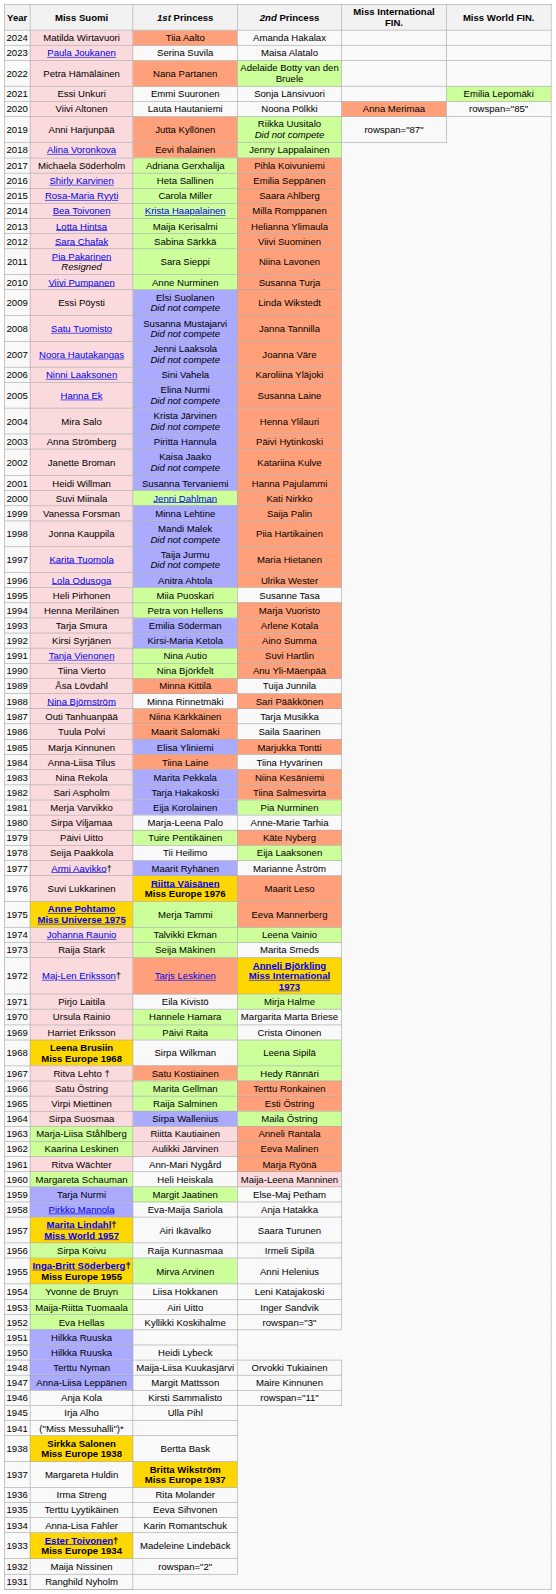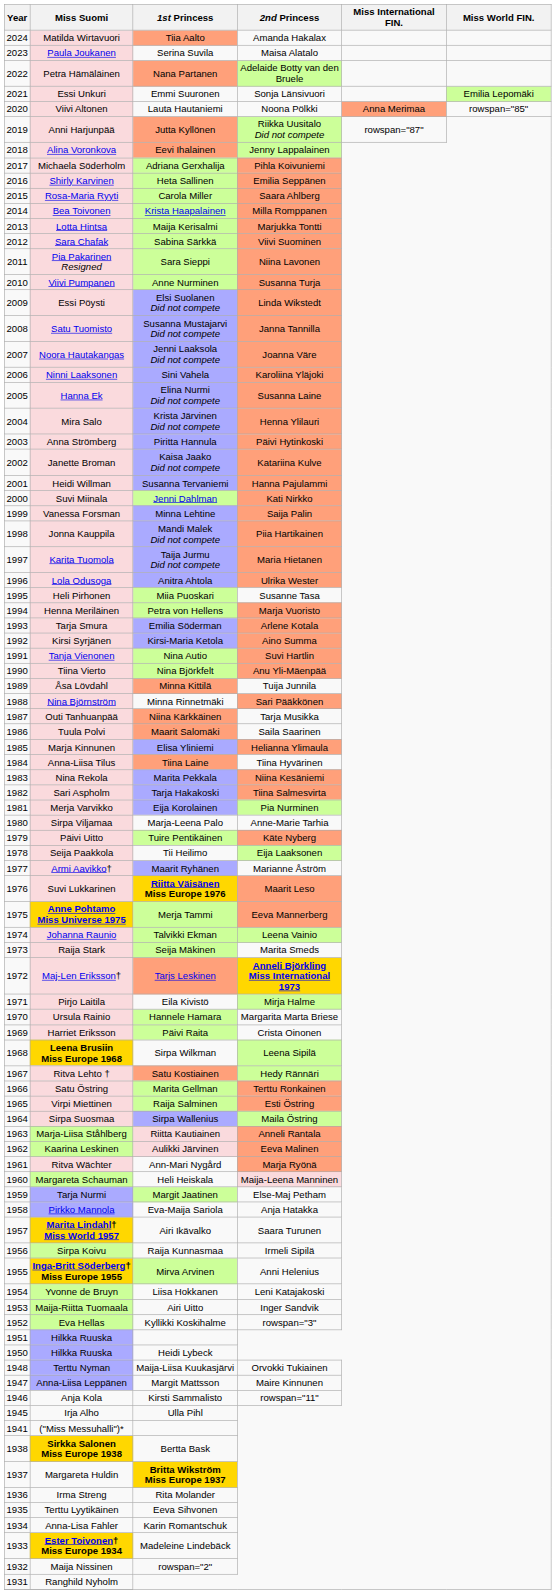 <table class="wikitable sortable" style="font-size:95%; text-align:center;">
 <tr>
 <th !width="80">Year</th>
 <th width="250">Miss Suomi</th>
 <th width="250"><em>1st</em> Princess</th>
 <th width="250"><em>2nd</em> Princess</th>
 <th width="250">Miss International FIN.</th>
 <th width="250">Miss World FIN.</th>
 </tr>
 <tr>
 <td>2024</td>
 <td style="background:#FADADD;">Matilda Wirtavuori</td>
 <td style="background:#FFA07A;">Tiia Aalto</td>
 <td>Amanda Hakalax</td>
 <td></td>
 <td></td>
 </tr>
 <tr>
 <td>2023</td>
 <td style="background:#FADADD;"><a href='#'>Paula Joukanen</a></td>
 <td>Serina Suvila</td>
 <td>Maisa Alatalo</td>
 <td></td>
 <td></td>
 </tr>
 <tr>
 <td>2022</td>
 <td style="background:#FADADD;">Petra Hämäläinen</td>
 <td style="background:#FFA07A;">Nana Partanen</td>
 <td style="background:#CCFF99;">Adelaide Botty van den Bruele</td>
 <td></td>
 <td></td>
 </tr>
 <tr>
 <td>2021</td>
 <td style="background:#FADADD;">Essi Unkuri</td>
 <td>Emmi Suuronen</td>
 <td>Sonja Länsivuori</td>
 <td></td>
 <td style="background:#CCFF99;">Emilia Lepomäki</td>
 </tr>
 <tr>
 <td>2020</td>
 <td style="background:#FADADD;">Viivi Altonen</td>
 <td>Lauta Hautaniemi</td>
 <td>Noona Pölkki</td>
 <td style="background:#FFA07A;">Anna Merimaa</td>
 <td>rowspan="85" </td>
 </tr>
 <tr>
 <td>2019</td>
 <td style="background:#FADADD;">Anni Harjunpää</td>
 <td style="background:#FFA07A;">Jutta Kyllönen</td>
 <td style="background:#CCFF99;">Riikka Uusitalo<br><em>Did not compete</em></td>
 <td>rowspan="87" </td>
 </tr>
 <tr>
 <td>2018</td>
 <td style="background:#FADADD;"><a href='#'>Alina Voronkova</a></td>
 <td style="background:#FFA07A;">Eevi Ihalainen</td>
 <td style="background:#CCFF99;">Jenny Lappalainen</td>
 </tr>
 <tr>
 <td>2017</td>
 <td style="background:#FADADD;">Michaela Söderholm</td>
 <td style="background:#CCFF99;">Adriana Gerxhalija</td>
 <td style="background:#FFA07A;">Pihla Koivuniemi</td>
 </tr>
 <tr>
 <td>2016</td>
 <td style="background:#FADADD;"><a href='#'>Shirly Karvinen</a></td>
 <td style="background:#CCFF99;">Heta Sallinen</td>
 <td style="background:#FFA07A;">Emilia Seppänen</td>
 </tr>
 <tr>
 <td>2015</td>
 <td style="background:#FADADD;"><a href='#'>Rosa-Maria Ryyti</a></td>
 <td style="background:#CCFF99;">Carola Miller</td>
 <td style="background:#FFA07A;">Saara Ahlberg</td>
 </tr>
 <tr>
 <td>2014</td>
 <td style="background:#FADADD;"><a href='#'>Bea Toivonen</a></td>
 <td style="background:#CCFF99;"><a href='#'>Krista Haapalainen</a></td>
 <td style="background:#FFA07A;">Milla Romppanen</td>
 </tr>
 <tr>
 <td>2013</td>
 <td style="background:#FADADD;"><a href='#'>Lotta Hintsa</a></td>
 <td style="background:#CCFF99;">Maija Kerisalmi</td>
-<td style="background:#FFA07A;">Helianna Ylimaula</td>
+<td style="background:#FFA07A;">Marjukka Tontti</td>
 </tr>
 <tr>
 <td>2012</td>
 <td style="background:#FADADD;"><a href='#'>Sara Chafak</a></td>
 <td style="background:#CCFF99;">Sabina Särkkä</td>
 <td style="background:#FFA07A;">Viivi Suominen</td>
 </tr>
 <tr>
 <td>2011</td>
 <td style="background:#FADADD;"><a href='#'>Pia Pakarinen</a><br><em>Resigned</em></td>
 <td style="background:#CCFF99;">Sara Sieppi</td>
 <td style="background:#FFA07A;">Niina Lavonen</td>
 </tr>
 <tr>
 <td>2010</td>
 <td style="background:#FADADD;"><a href='#'>Viivi Pumpanen</a></td>
 <td style="background:#CCFF99;">Anne Nurminen</td>
 <td style="background:#FFA07A;">Susanna Turja</td>
 </tr>
 <tr>
 <td>2009</td>
 <td style="background:#FADADD;">Essi Pöysti</td>
 <td style="background:#AAAAFF;">Elsi Suolanen<br><em>Did not compete</em></td>
 <td style="background:#FFA07A;">Linda Wikstedt</td>
 </tr>
 <tr>
 <td>2008</td>
 <td style="background:#FADADD;"><a href='#'>Satu Tuomisto</a></td>
 <td style="background:#AAAAFF;">Susanna Mustajarvi<br><em>Did not compete</em></td>
 <td style="background:#FFA07A;">Janna Tannilla</td>
 </tr>
 <tr>
 <td>2007</td>
 <td style="background:#FADADD;"><a href='#'>Noora Hautakangas</a></td>
 <td style="background:#AAAAFF;">Jenni Laaksola<br><em>Did not compete</em></td>
 <td style="background:#FFA07A;">Joanna Väre</td>
 </tr>
 <tr>
 <td>2006</td>
 <td style="background:#FADADD;"><a href='#'>Ninni Laaksonen</a></td>
 <td style="background:#AAAAFF;">Sini Vahela</td>
 <td style="background:#FFA07A;">Karoliina Yläjoki</td>
 </tr>
 <tr>
 <td>2005</td>
 <td style="background:#FADADD;"><a href='#'>Hanna Ek</a></td>
 <td style="background:#AAAAFF;">Elina Nurmi<br><em>Did not compete</em></td>
 <td style="background:#FFA07A;">Susanna Laine</td>
 </tr>
 <tr>
 <td>2004</td>
 <td style="background:#FADADD;">Mira Salo</td>
 <td style="background:#AAAAFF;">Krista Järvinen<br><em>Did not compete</em></td>
 <td style="background:#FFA07A;">Henna Ylilauri</td>
 </tr>
 <tr>
 <td>2003</td>
 <td style="background:#FADADD;">Anna Strömberg</td>
 <td style="background:#AAAAFF;">Piritta Hannula</td>
 <td style="background:#FFA07A;">Päivi Hytinkoski</td>
 </tr>
 <tr>
 <td>2002</td>
 <td style="background:#FADADD;">Janette Broman</td>
 <td style="background:#AAAAFF;">Kaisa Jaako<br><em>Did not compete</em></td>
 <td style="background:#FFA07A;">Katariina Kulve</td>
 </tr>
 <tr>
 <td>2001</td>
 <td style="background:#FADADD;">Heidi Willman</td>
 <td style="background:#AAAAFF;">Susanna Tervaniemi</td>
 <td style="background:#FFA07A;">Hanna Pajulammi</td>
 </tr>
 <tr>
 <td>2000</td>
 <td style="background:#FADADD;">Suvi Miinala</td>
 <td style="background:#CCFF99;"><a href='#'>Jenni Dahlman</a></td>
 <td style="background:#FFA07A;">Kati Nirkko</td>
 </tr>
 <tr>
 <td>1999</td>
 <td style="background:#FADADD;">Vanessa Forsman</td>
 <td style="background:#AAAAFF;">Minna Lehtine</td>
 <td style="background:#FFA07A;">Saija Palin</td>
 </tr>
 <tr>
 <td>1998</td>
 <td style="background:#FADADD;">Jonna Kauppila</td>
 <td style="background:#AAAAFF;">Mandi Malek<br><em>Did not compete</em></td>
 <td style="background:#FFA07A;">Piia Hartikainen</td>
 </tr>
 <tr>
 <td>1997</td>
 <td style="background:#FADADD;"><a href='#'>Karita Tuomola</a></td>
 <td style="background:#AAAAFF;">Taija Jurmu<br><em>Did not compete</em></td>
 <td style="background:#FFA07A;">Maria Hietanen</td>
 </tr>
 <tr>
 <td>1996</td>
 <td style="background:#FADADD;"><a href='#'>Lola Odusoga</a></td>
 <td style="background:#AAAAFF;">Anitra Ahtola</td>
 <td style="background:#FFA07A;">Ulrika Wester</td>
 </tr>
 <tr>
 <td>1995</td>
 <td style="background:#FADADD;">Heli Pirhonen</td>
 <td style="background:#CCFF99;">Miia Puoskari</td>
 <td>Susanne Tasa</td>
 </tr>
 <tr>
 <td>1994</td>
 <td style="background:#FADADD;">Henna Meriläinen</td>
 <td style="background:#CCFF99;">Petra von Hellens</td>
 <td style="background:#FFA07A;">Marja Vuoristo</td>
 </tr>
 <tr>
 <td>1993</td>
 <td style="background:#FADADD;">Tarja Smura</td>
 <td style="background:#AAAAFF;">Emilia Söderman</td>
 <td style="background:#FFA07A;">Arlene Kotala</td>
 </tr>
 <tr>
 <td>1992</td>
 <td style="background:#FADADD;">Kirsi Syrjänen</td>
 <td style="background:#AAAAFF;">Kirsi-Maria Ketola</td>
 <td style="background:#FFA07A;">Aino Summa</td>
 </tr>
 <tr>
 <td>1991</td>
 <td style="background:#FADADD;"><a href='#'>Tanja Vienonen</a></td>
 <td style="background:#CCFF99;">Nina Autio</td>
 <td style="background:#FFA07A;">Suvi Hartlin</td>
 </tr>
 <tr>
 <td>1990</td>
 <td style="background:#FADADD;">Tiina Vierto</td>
 <td style="background:#CCFF99;">Nina Björkfelt</td>
 <td style="background:#FFA07A;">Anu Yli-Mäenpää</td>
 </tr>
 <tr>
 <td>1989</td>
 <td style="background:#FADADD;">Åsa Lövdahl</td>
 <td style="background:#FFA07A;">Minna Kittilä</td>
 <td>Tuija Junnila</td>
 </tr>
 <tr>
 <td>1988</td>
 <td style="background:#FADADD;"><a href='#'>Nina Björnström</a></td>
 <td>Minna Rinnetmäki</td>
 <td style="background:#FFA07A;">Sari Pääkkönen</td>
 </tr>
 <tr>
 <td>1987</td>
 <td style="background:#FADADD;">Outi Tanhuanpää</td>
 <td style="background:#FFA07A;">Niina Kärkkäinen</td>
 <td>Tarja Musikka</td>
 </tr>
 <tr>
 <td>1986</td>
 <td style="background:#FADADD;">Tuula Polvi</td>
 <td style="background:#FFA07A;">Maarit Salomäki</td>
 <td>Saila Saarinen</td>
 </tr>
 <tr>
 <td>1985</td>
 <td style="background:#FADADD;">Marja Kinnunen</td>
 <td style="background:#AAAAFF;">Elisa Yliniemi</td>
-<td style="background:#FFA07A;">Marjukka Tontti</td>
+<td style="background:#FFA07A;">Helianna Ylimaula</td>
 </tr>
 <tr>
 <td>1984</td>
 <td style="background:#FADADD;">Anna-Liisa Tilus</td>
 <td style="background:#FFA07A;">Tiina Laine</td>
 <td>Tiina Hyvärinen</td>
 </tr>
 <tr>
 <td>1983</td>
 <td style="background:#FADADD;">Nina Rekola</td>
 <td style="background:#AAAAFF;">Marita Pekkala</td>
 <td style="background:#FFA07A;">Niina Kesäniemi</td>
 </tr>
 <tr>
 <td>1982</td>
 <td style="background:#FADADD;">Sari Aspholm</td>
 <td style="background:#AAAAFF;">Tarja Hakakoski</td>
 <td style="background:#FFA07A;">Tiina Salmesvirta</td>
 </tr>
 <tr>
 <td>1981</td>
 <td style="background:#FADADD;">Merja Varvikko</td>
 <td style="background:#AAAAFF;">Eija Korolainen</td>
 <td style="background:#CCFF99;">Pia Nurminen</td>
 </tr>
 <tr>
 <td>1980</td>
 <td style="background:#FADADD;">Sirpa Viljamaa</td>
 <td>Marja-Leena Palo</td>
 <td>Anne-Marie Tarhia</td>
 </tr>
 <tr>
 <td>1979</td>
 <td style="background:#FADADD;">Päivi Uitto</td>
 <td style="background:#CCFF99;">Tuire Pentikäinen</td>
 <td style="background:#FFA07A;">Käte Nyberg</td>
 </tr>
 <tr>
 <td>1978</td>
 <td style="background:#FADADD;">Seija Paakkola</td>
 <td>Tii Heilimo</td>
 <td style="background:#CCFF99;">Eija Laaksonen</td>
 </tr>
 <tr>
 <td>1977</td>
 <td style="background:#FADADD;"><a href='#'>Armi Aavikko</a>†</td>
 <td style="background:#AAAAFF;">Maarit Ryhänen</td>
 <td>Marianne Åström</td>
 </tr>
 <tr>
 <td>1976</td>
 <td style="background:#FADADD;">Suvi Lukkarinen</td>
 <td style="background:GOLD;"><strong><a href='#'>Riitta Väisänen</a><br>Miss Europe 1976</strong></td>
 <td style="background:#FFA07A;">Maarit Leso</td>
 </tr>
 <tr>
 <td>1975</td>
 <td style="background:GOLD;"><strong><a href='#'>Anne Pohtamo</a><br><a href='#'>Miss Universe 1975</a></strong></td>
 <td style="background:#CCFF99;">Merja Tammi</td>
 <td style="background:#FFA07A;">Eeva Mannerberg</td>
 </tr>
 <tr>
 <td>1974</td>
 <td style="background:#FADADD;"><a href='#'>Johanna Raunio</a></td>
 <td style="background:#CCFF99;">Talvikki Ekman</td>
 <td style="background:#CCFF99;">Leena Vainio</td>
 </tr>
 <tr>
 <td>1973</td>
 <td style="background:#FADADD;">Raija Stark</td>
 <td style="background:#CCFF99;">Seija Mäkinen</td>
 <td>Marita Smeds</td>
 </tr>
 <tr>
 <td>1972</td>
 <td style="background:#FADADD;"><a href='#'>Maj-Len Eriksson</a>†</td>
 <td style="background:#FFA07A;"><a href='#'>Tarjs Leskinen</a></td>
 <td style="background:GOLD;"><strong><a href='#'>Anneli Björkling</a><br><a href='#'>Miss International 1973</a></strong></td>
 </tr>
 <tr>
 <td>1971</td>
 <td style="background:#FADADD;">Pirjo Laitila</td>
 <td>Eila Kivistö</td>
 <td style="background:#CCFF99;">Mirja Halme</td>
 </tr>
 <tr>
 <td>1970</td>
 <td style="background:#FADADD;">Ursula Rainio</td>
 <td style="background:#CCFF99;">Hannele Hamara</td>
 <td>Margarita Marta Briese</td>
 </tr>
 <tr>
 <td>1969</td>
 <td style="background:#FADADD;">Harriet Eriksson</td>
 <td style="background:#CCFF99;">Päivi Raita</td>
 <td>Crista Oinonen</td>
 </tr>
 <tr>
 <td>1968</td>
 <td style="background:GOLD;"><strong>Leena Brusiin<br>Miss Europe 1968</strong></td>
 <td>Sirpa Wilkman</td>
 <td style="background:#CCFF99;">Leena Sipilä</td>
 </tr>
 <tr>
 <td>1967</td>
 <td style="background:#FADADD;">Ritva Lehto †</td>
 <td style="background:#FFA07A;">Satu Kostiainen</td>
 <td style="background:#CCFF99;">Hedy Rännäri</td>
 </tr>
 <tr>
 <td>1966</td>
 <td style="background:#FADADD;">Satu Östring</td>
 <td style="background:#CCFF99;">Marita Gellman</td>
 <td style="background:#FFA07A;">Terttu Ronkainen</td>
 </tr>
 <tr>
 <td>1965</td>
 <td style="background:#FADADD;">Virpi Miettinen</td>
 <td style="background:#CCFF99;">Raija Salminen</td>
 <td style="background:#FFA07A;">Esti Östring</td>
 </tr>
 <tr>
 <td>1964</td>
 <td style="background:#FADADD;">Sirpa Suosmaa</td>
 <td style="background:#AAAAFF;">Sirpa Wallenius</td>
 <td style="background:#CCFF99;">Maila Östring</td>
 </tr>
 <tr>
 <td>1963</td>
 <td style="background:#CCFF99;">Marja-Liisa Ståhlberg</td>
 <td style="background:#FADADD;">Riitta Kautiainen</td>
 <td style="background:#FFA07A;">Anneli Rantala</td>
 </tr>
 <tr>
 <td>1962</td>
 <td style="background:#CCFF99;">Kaarina Leskinen</td>
 <td style="background:#FADADD;">Aulikki Järvinen</td>
 <td style="background:#FFA07A;">Eeva Malinen</td>
 </tr>
 <tr>
 <td>1961</td>
 <td style="background:#FADADD;">Ritva Wächter</td>
 <td>Ann-Mari Nygård</td>
 <td style="background:#FFA07A;">Marja Ryönä</td>
 </tr>
 <tr>
 <td>1960</td>
 <td style="background:#CCFF99;">Margareta Schauman</td>
 <td>Heli Heiskala</td>
 <td style="background:#FADADD;">Maija-Leena Manninen</td>
 </tr>
 <tr>
 <td>1959</td>
 <td style="background:#AAAAFF;">Tarja Nurmi</td>
 <td style="background:#CCFF99;">Margit Jaatinen</td>
 <td>Else-Maj Petham</td>
 </tr>
 <tr>
 <td>1958</td>
 <td style="background:#AAAAFF;"><a href='#'>Pirkko Mannola</a></td>
 <td>Eva-Maija Sariola</td>
 <td>Anja Hatakka</td>
 </tr>
 <tr>
 <td>1957</td>
 <td style="background:GOLD;"><strong><a href='#'>Marita Lindahl</a>†<br><a href='#'>Miss World 1957</a></strong></td>
 <td>Airi Ikävalko</td>
 <td>Saara Turunen</td>
 </tr>
 <tr>
 <td>1956</td>
 <td style="background:#CCFF99;">Sirpa Koivu</td>
 <td>Raija Kunnasmaa</td>
 <td>Irmeli Sipilä</td>
 </tr>
 <tr>
 <td>1955</td>
 <td style="background:GOLD;"><strong><a href='#'>Inga-Britt Söderberg</a>†<br>Miss Europe 1955</strong></td>
 <td style="background:#CCFF99;">Mirva Arvinen</td>
 <td>Anni Helenius</td>
 </tr>
 <tr>
 <td>1954</td>
 <td style="background:#CCFF99;">Yvonne de Bruyn</td>
 <td>Liisa Hokkanen</td>
 <td>Leni Katajakoski</td>
 </tr>
 <tr>
 <td>1953</td>
 <td style="background:#CCFF99;">Maija-Riitta Tuomaala</td>
 <td>Airi Uitto</td>
 <td>Inger Sandvik</td>
 </tr>
 <tr>
 <td>1952</td>
 <td style="background:#CCFF99;">Eva Hellas</td>
 <td>Kyllikki Koskihalme</td>
 <td>rowspan="3" </td>
 </tr>
 <tr>
 <td>1951</td>
 <td style="background:#AAAAFF;">Hilkka Ruuska</td>
 <td></td>
 </tr>
 <tr>
 <td>1950</td>
 <td style="background:#AAAAFF;">Hilkka Ruuska</td>
 <td>Heidi Lybeck</td>
 </tr>
 <tr>
 <td>1948</td>
 <td style="background:#AAAAFF;">Terttu Nyman</td>
 <td>Maija-Liisa Kuukasjärvi</td>
 <td>Orvokki Tukiainen</td>
 </tr>
 <tr>
 <td>1947</td>
 <td style="background:#AAAAFF;">Anna-Liisa Leppänen</td>
 <td>Margit Mattsson</td>
 <td>Maire Kinnunen</td>
 </tr>
 <tr>
 <td>1946</td>
 <td>Anja Kola</td>
 <td>Kirsti Sammalisto</td>
 <td>rowspan="11" </td>
 </tr>
 <tr>
 <td>1945</td>
 <td>Irja Alho</td>
 <td>Ulla Pihl</td>
 </tr>
 <tr>
 <td>1941</td>
 <td>("Miss Messuhalli")*</td>
 <td></td>
 </tr>
 <tr>
 <td>1938</td>
 <td style="background:GOLD;"><strong>Sirkka Salonen<br>Miss Europe 1938</strong></td>
 <td>Bertta Bask</td>
 </tr>
 <tr>
 <td>1937</td>
 <td>Margareta Huldin</td>
 <td style="background:GOLD;"><strong>Britta Wikström<br>Miss Europe 1937</strong></td>
 </tr>
 <tr>
 <td>1936</td>
 <td>Irma Streng</td>
 <td>Rita Molander</td>
 </tr>
 <tr>
 <td>1935</td>
 <td>Terttu Lyytikäinen</td>
 <td>Eeva Sihvonen</td>
 </tr>
 <tr>
 <td>1934</td>
 <td>Anna-Lisa Fahler</td>
 <td>Karin Romantschuk</td>
 </tr>
 <tr>
 <td>1933</td>
 <td style="background:GOLD;"><strong><a href='#'>Ester Toivonen</a>†<br>Miss Europe 1934</strong></td>
 <td>Madeleine Lindebäck</td>
 </tr>
 <tr>
 <td>1932</td>
 <td>Maija Nissinen</td>
 <td>rowspan="2" </td>
 </tr>
 <tr>
 <td>1931</td>
 <td>Ranghild Nyholm</td>
 </tr>
 <tr>
 </tr>
 </table>
